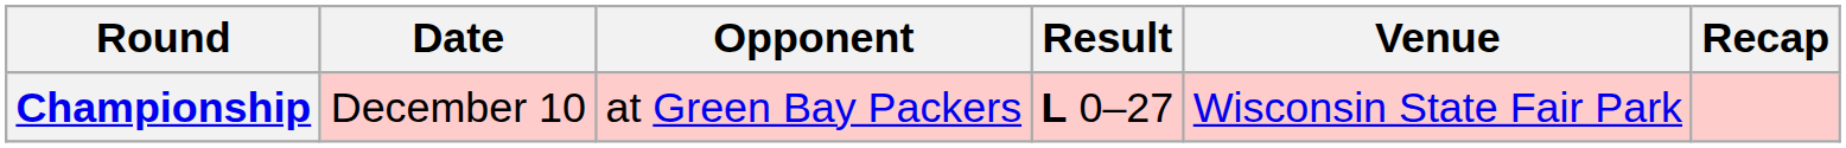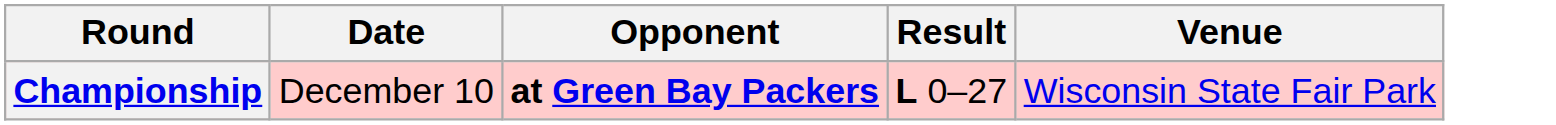 <table class="wikitable" style="text-align:center">
 <tr>
 <th>Round</th>
 <th>Date</th>
 <th>Opponent</th>
 <th>Result</th>
 <th>Venue</th>
-<th>Recap</th>
 </tr>
 <tr style="background:#fcc">
 <th><a href='#'>Championship</a></th>
 <td>December 10</td>
-<td>at <a href='#'>Green Bay Packers</a></td>
+<td><strong>at <a href='#'>Green Bay Packers</a></strong></td>
 <td><strong>L</strong> 0–27</td>
 <td><a href='#'>Wisconsin State Fair Park</a></td>
-<td></td>
 </tr>
 </table>
